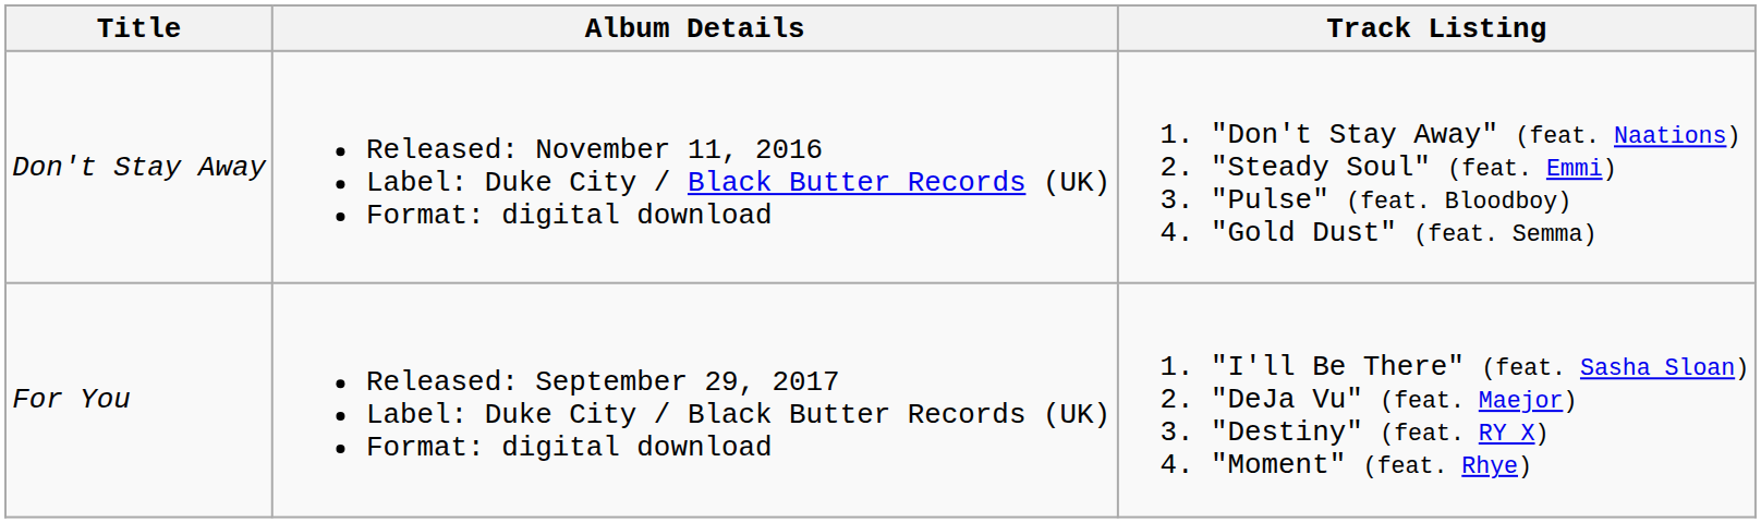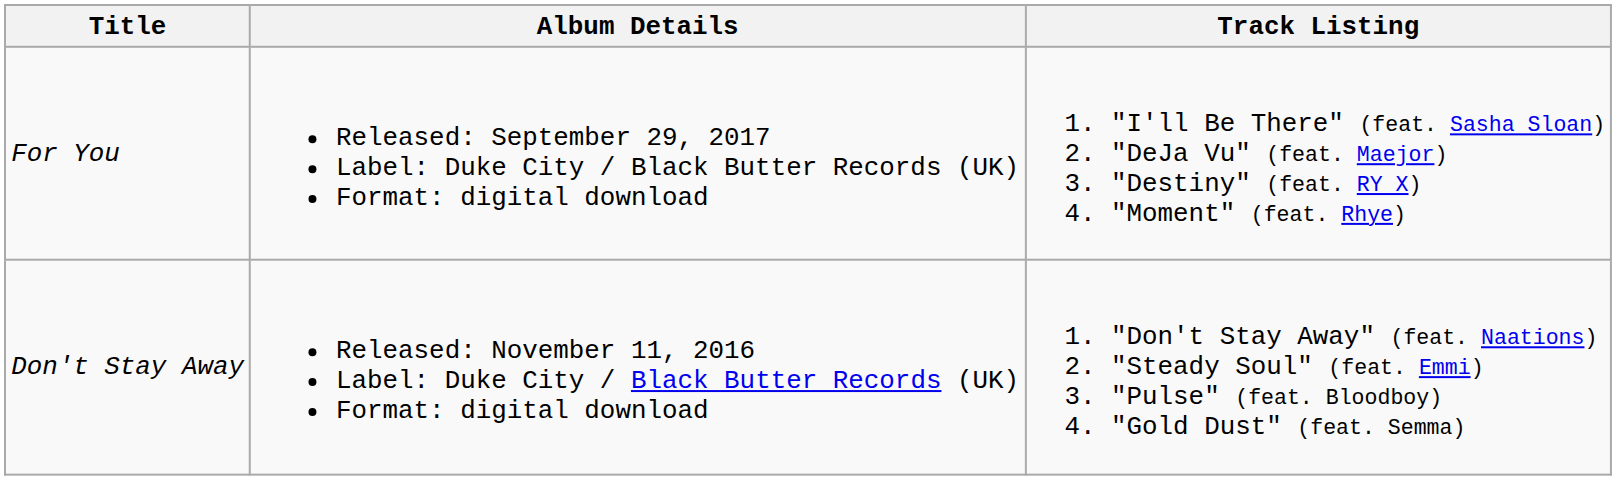 <table class="wikitable">
 <tr>
 <th>Title</th>
 <th>Album Details</th>
 <th>Track Listing</th>
 </tr>
 <tr>
+<td><em>For You</em></td>
+<td><br><ul><li>Released: September 29, 2017</li><li>Label: Duke City / Black Butter Records (UK)</li><li>Format: digital download</li></ul></td>
+<td><br><ol><li>"I'll Be There" <small>(feat. <a href='#'>Sasha Sloan</a>)</small></li><li>"DeJa Vu" <small>(feat. <a href='#'>Maejor</a>)</small></li><li>"Destiny" <small>(feat. <a href='#'>RY X</a>)</small></li><li>"Moment" <small>(feat. <a href='#'>Rhye</a>)</small></li></ol></td>
+</tr>
+<tr>
 <td><em>Don't Stay Away</em></td>
 <td><br><ul><li>Released: November 11, 2016</li><li>Label: Duke City / <a href='#'>Black Butter Records</a> (UK)</li><li>Format: digital download</li></ul></td>
 <td><br><ol><li>"Don't Stay Away" <small>(feat. <a href='#'>Naations</a>)</small></li><li>"Steady Soul" <small>(feat. <a href='#'>Emmi</a>)</small></li><li>"Pulse" <small>(feat. Bloodboy)</small></li><li>"Gold Dust" <small>(feat. Semma)</small></li></ol></td>
 </tr>
-<tr>
-<td><em>For You</em></td>
-<td><br><ul><li>Released: September 29, 2017</li><li>Label: Duke City / Black Butter Records (UK)</li><li>Format: digital download</li></ul></td>
-<td><br><ol><li>"I'll Be There" <small>(feat. <a href='#'>Sasha Sloan</a>)</small></li><li>"DeJa Vu" <small>(feat. <a href='#'>Maejor</a>)</small></li><li>"Destiny" <small>(feat. <a href='#'>RY X</a>)</small></li><li>"Moment" <small>(feat. <a href='#'>Rhye</a>)</small></li></ol></td>
-</tr>
 </table>
